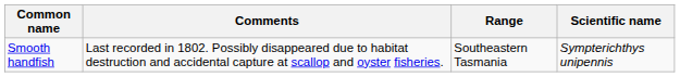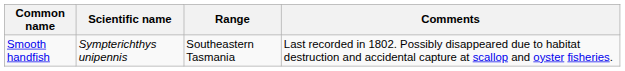 <table class="wikitable">
 <tr>
 <th>Common name</th>
+<th>Scientific name</th>
+<th>Range</th>
 <th class="unsortable">Comments</th>
-<th>Range</th>
-<th>Scientific name</th>
 </tr>
 <tr>
 <td><a href='#'>Smooth handfish</a></td>
+<td><em>Sympterichthys unipennis</em></td>
+<td>Southeastern Tasmania</td>
 <td>Last recorded in 1802. Possibly disappeared due to habitat destruction and accidental capture at <a href='#'>scallop</a> and <a href='#'>oyster</a> <a href='#'>fisheries</a>.</td>
-<td>Southeastern Tasmania</td>
-<td><em>Sympterichthys unipennis</em></td>
 </tr>
 </table>
